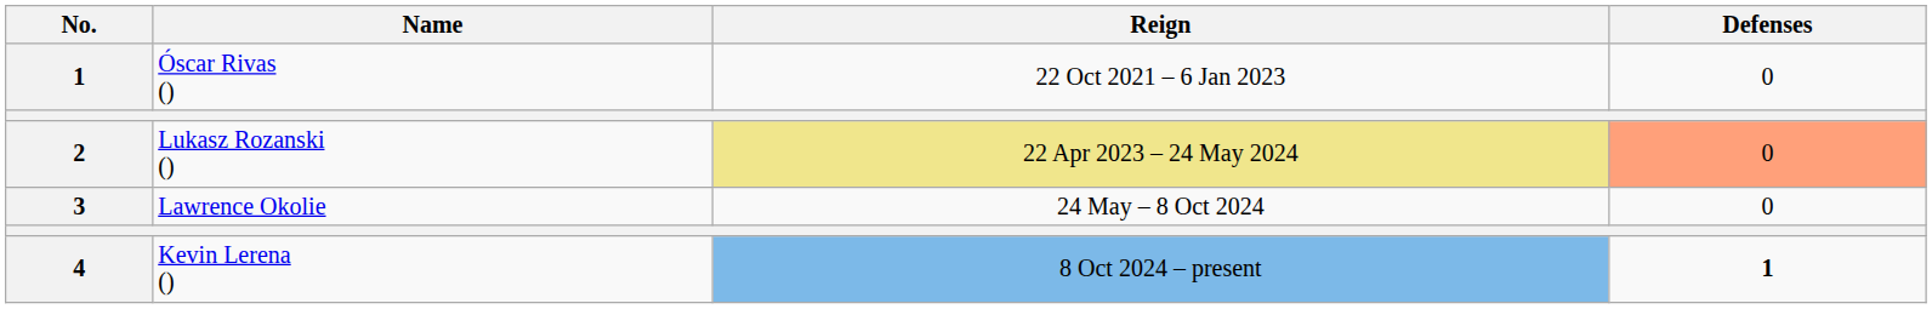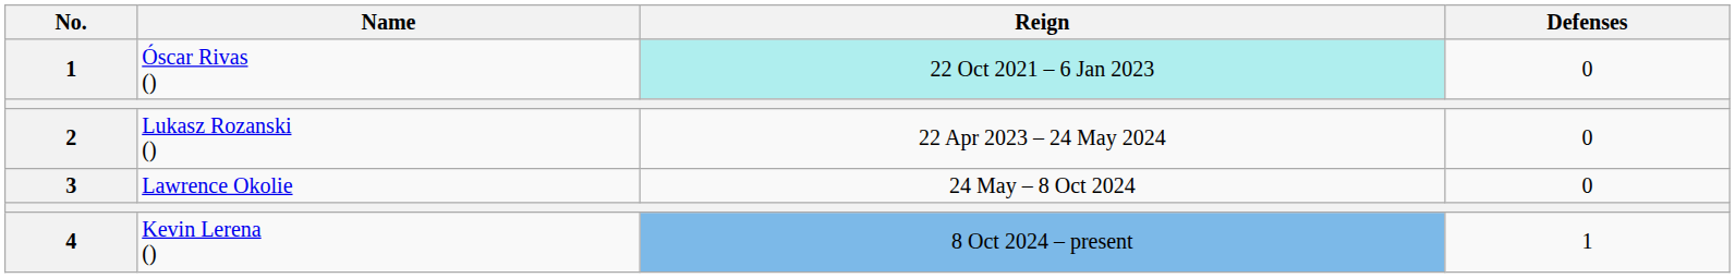 <table class="wikitable sortable" style="width:80%;">
 <tr>
 <th>No.</th>
 <th>Name</th>
 <th>Reign</th>
 <th>Defenses</th>
 </tr>
 <tr style="text-align:center;">
 <th>1</th>
 <td style="text-align:left;"><a href='#'>Óscar Rivas</a><br>()</td>
-<td>22 Oct 2021 – 6 Jan 2023</td>
+<td style="background: paleturquoise;">22 Oct 2021 – 6 Jan 2023</td>
 <td>0</td>
 </tr>
 <tr>
 <th colspan=4></th>
 </tr>
 <tr style="text-align:center;">
 <th>2</th>
 <td style="text-align:left;"><a href='#'>Lukasz Rozanski</a><br>()</td>
-<td style="background: khaki;">22 Apr 2023 – 24 May 2024</td>
-<td style="background: lightsalmon;">0</td>
+<td>22 Apr 2023 – 24 May 2024</td>
+<td>0</td>
 </tr>
 <tr style="text-align:center;">
 <th>3</th>
 <td style="text-align:left;"><a href='#'>Lawrence Okolie</a></td>
 <td>24 May – 8 Oct 2024</td>
 <td>0</td>
 </tr>
 <tr>
 <th colspan=4></th>
 </tr>
 <tr style="text-align:center;">
 <th>4</th>
 <td style="text-align:left;"><a href='#'>Kevin Lerena</a><br>()</td>
 <td style="background:#7CB9E8;">8 Oct 2024 – present</td>
-<td><strong>1</strong></td>
+<td>1</td>
 </tr>
 </table>
